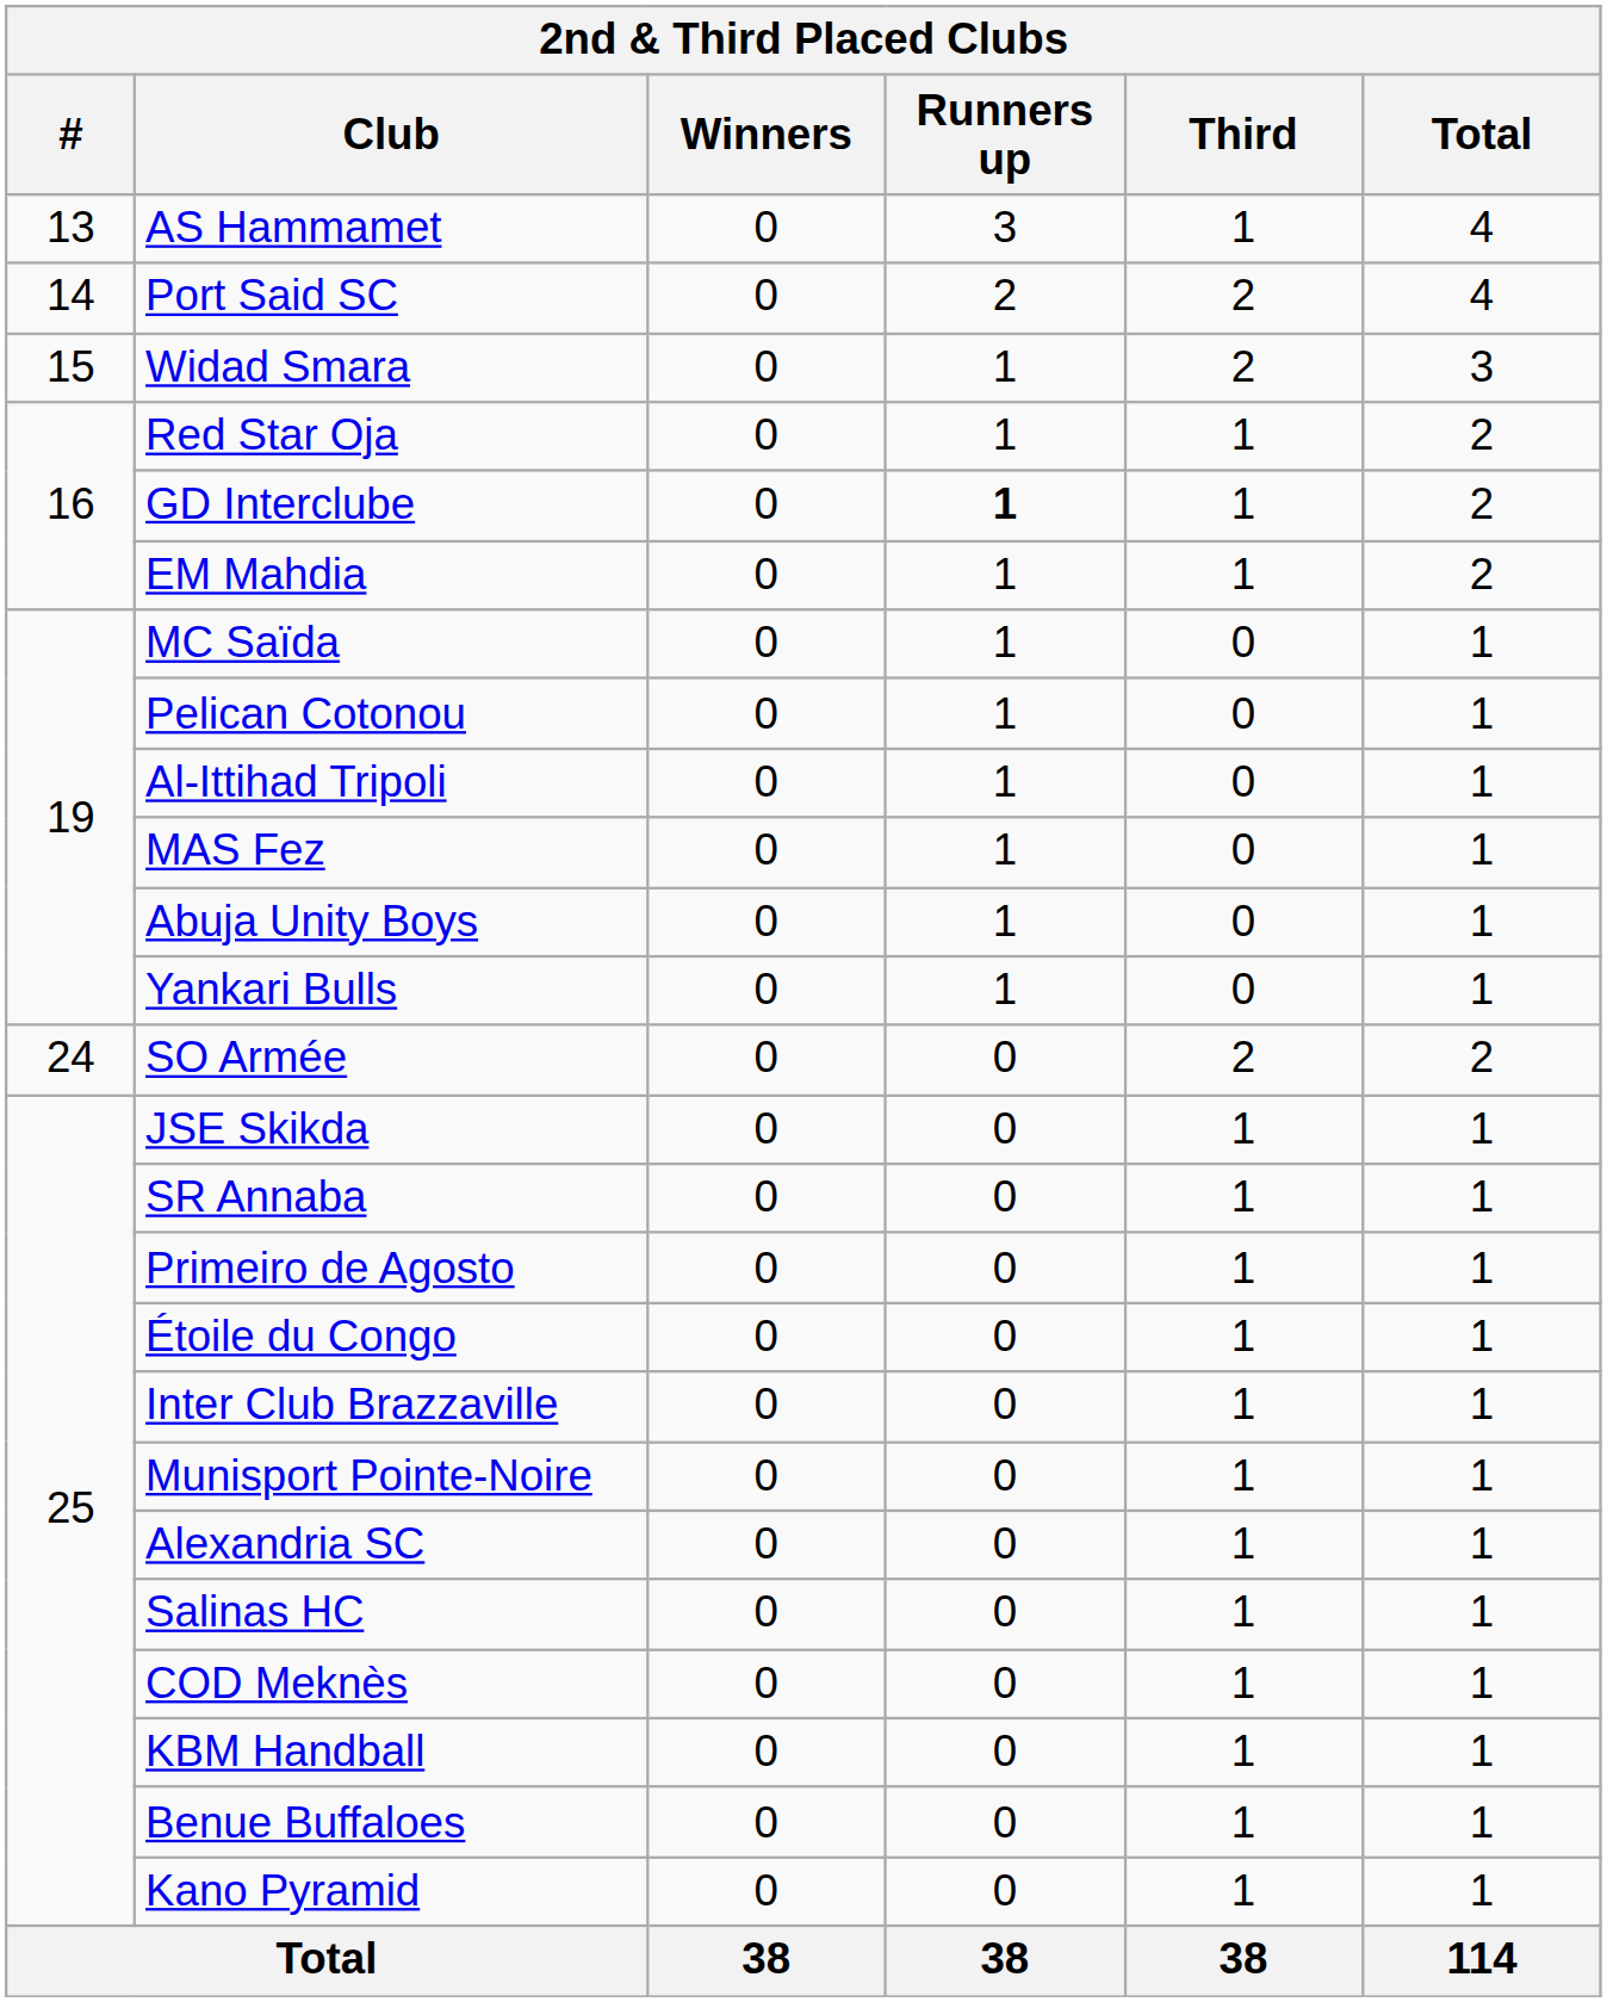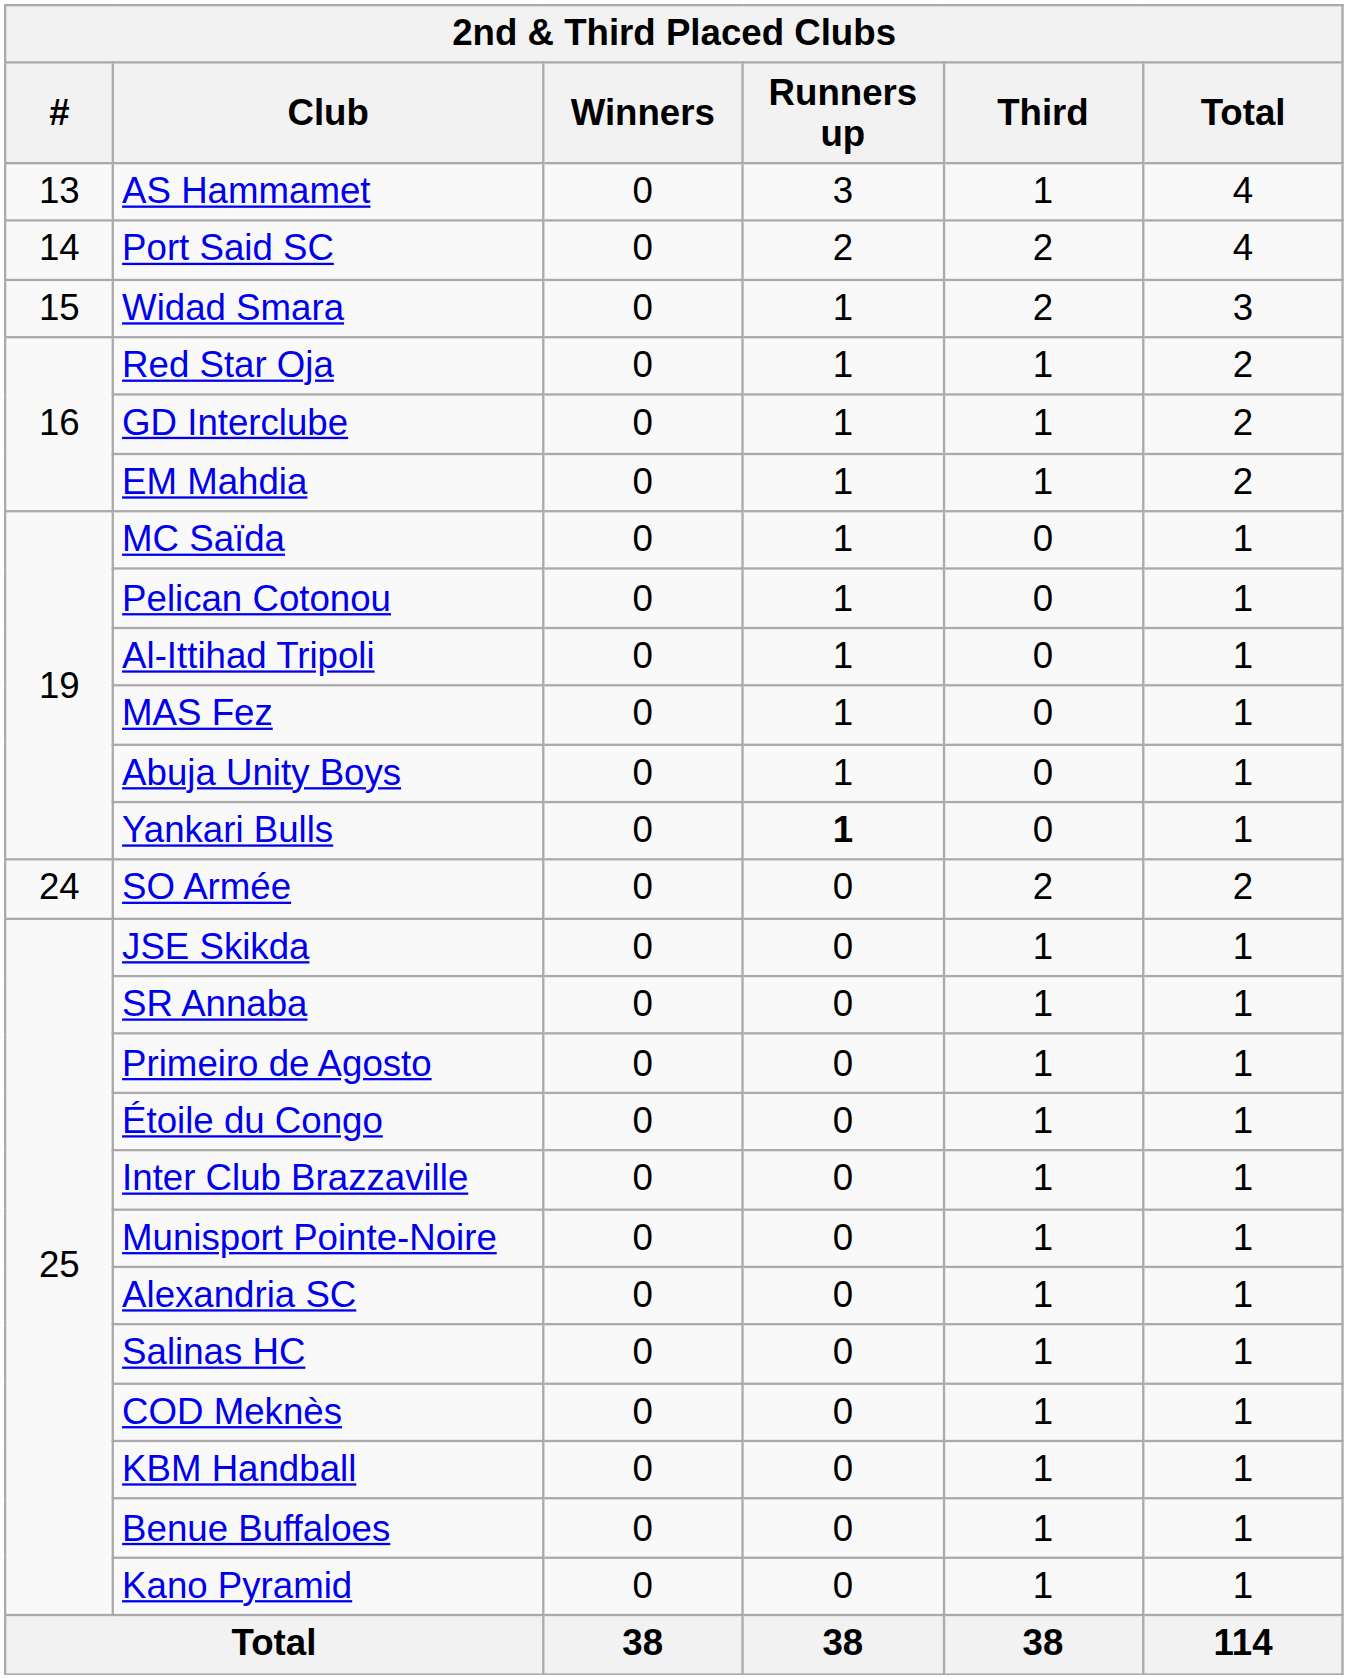 <table class="wikitable collapsible ">
 <tr>
 <th colspan=6>2nd & Third Placed Clubs</th>
 </tr>
 <tr>
 <th width=40>#</th>
 <th width=180>Club</th>
 <th width=80>Winners</th>
 <th width=80>Runners up</th>
 <th width=80>Third</th>
 <th width=80>Total</th>
 </tr>
 <tr>
 <td align=center>13</td>
 <td> <a href='#'>AS Hammamet</a></td>
 <td align=center>0</td>
 <td align=center>3</td>
 <td align=center>1</td>
 <td align=center>4</td>
 </tr>
 <tr>
 <td align=center>14</td>
 <td> <a href='#'>Port Said SC</a></td>
 <td align=center>0</td>
 <td align=center>2</td>
 <td align=center>2</td>
 <td align=center>4</td>
 </tr>
 <tr>
 <td align=center>15</td>
 <td> <a href='#'>Widad Smara</a></td>
 <td align=center>0</td>
 <td align=center>1</td>
 <td align=center>2</td>
 <td align=center>3</td>
 </tr>
 <tr>
 <td rowspan=3 align=center>16</td>
 <td> <a href='#'>Red Star Oja</a></td>
 <td align=center>0</td>
 <td align=center>1</td>
 <td align=center>1</td>
 <td align=center>2</td>
 </tr>
 <tr>
 <td> <a href='#'>GD Interclube</a></td>
 <td align=center>0</td>
-<td align=center><strong>1</strong></td>
+<td align=center>1</td>
 <td align=center>1</td>
 <td align=center>2</td>
 </tr>
 <tr>
 <td> <a href='#'>EM Mahdia</a></td>
 <td align=center>0</td>
 <td align=center>1</td>
 <td align=center>1</td>
 <td align=center>2</td>
 </tr>
 <tr>
 <td rowspan=6 align=center>19</td>
 <td> <a href='#'>MC Saïda</a></td>
 <td align=center>0</td>
 <td align=center>1</td>
 <td align=center>0</td>
 <td align=center>1</td>
 </tr>
 <tr>
 <td> <a href='#'>Pelican Cotonou</a></td>
 <td align=center>0</td>
 <td align=center>1</td>
 <td align=center>0</td>
 <td align=center>1</td>
 </tr>
 <tr>
 <td> <a href='#'>Al-Ittihad Tripoli</a></td>
 <td align=center>0</td>
 <td align=center>1</td>
 <td align=center>0</td>
 <td align=center>1</td>
 </tr>
 <tr>
 <td> <a href='#'>MAS Fez</a></td>
 <td align=center>0</td>
 <td align=center>1</td>
 <td align=center>0</td>
 <td align=center>1</td>
 </tr>
 <tr>
 <td> <a href='#'>Abuja Unity Boys</a></td>
 <td align=center>0</td>
 <td align=center>1</td>
 <td align=center>0</td>
 <td align=center>1</td>
 </tr>
 <tr>
 <td> <a href='#'>Yankari Bulls</a></td>
 <td align=center>0</td>
-<td align=center>1</td>
+<td align=center><strong>1</strong></td>
 <td align=center>0</td>
 <td align=center>1</td>
 </tr>
 <tr>
 <td align=center>24</td>
 <td> <a href='#'>SO Armée</a></td>
 <td align=center>0</td>
 <td align=center>0</td>
 <td align=center>2</td>
 <td align=center>2</td>
 </tr>
 <tr>
 <td rowspan=12 align=center>25</td>
 <td> <a href='#'>JSE Skikda</a></td>
 <td align=center>0</td>
 <td align=center>0</td>
 <td align=center>1</td>
 <td align=center>1</td>
 </tr>
 <tr>
 <td> <a href='#'>SR Annaba</a></td>
 <td align=center>0</td>
 <td align=center>0</td>
 <td align=center>1</td>
 <td align=center>1</td>
 </tr>
 <tr>
 <td> <a href='#'>Primeiro de Agosto</a></td>
 <td align=center>0</td>
 <td align=center>0</td>
 <td align=center>1</td>
 <td align=center>1</td>
 </tr>
 <tr>
 <td> <a href='#'>Étoile du Congo</a></td>
 <td align=center>0</td>
 <td align=center>0</td>
 <td align=center>1</td>
 <td align=center>1</td>
 </tr>
 <tr>
 <td> <a href='#'>Inter Club Brazzaville</a></td>
 <td align=center>0</td>
 <td align=center>0</td>
 <td align=center>1</td>
 <td align=center>1</td>
 </tr>
 <tr>
 <td> <a href='#'>Munisport Pointe-Noire</a></td>
 <td align=center>0</td>
 <td align=center>0</td>
 <td align=center>1</td>
 <td align=center>1</td>
 </tr>
 <tr>
 <td> <a href='#'>Alexandria SC</a></td>
 <td align=center>0</td>
 <td align=center>0</td>
 <td align=center>1</td>
 <td align=center>1</td>
 </tr>
 <tr>
 <td> <a href='#'>Salinas HC</a></td>
 <td align=center>0</td>
 <td align=center>0</td>
 <td align=center>1</td>
 <td align=center>1</td>
 </tr>
 <tr>
 <td> <a href='#'>COD Meknès</a></td>
 <td align=center>0</td>
 <td align=center>0</td>
 <td align=center>1</td>
 <td align=center>1</td>
 </tr>
 <tr>
 <td> <a href='#'>KBM Handball</a></td>
 <td align=center>0</td>
 <td align=center>0</td>
 <td align=center>1</td>
 <td align=center>1</td>
 </tr>
 <tr>
 <td> <a href='#'>Benue Buffaloes</a></td>
 <td align=center>0</td>
 <td align=center>0</td>
 <td align=center>1</td>
 <td align=center>1</td>
 </tr>
 <tr>
 <td> <a href='#'>Kano Pyramid</a></td>
 <td align=center>0</td>
 <td align=center>0</td>
 <td align=center>1</td>
 <td align=center>1</td>
 </tr>
 <tr>
 <th colspan=2>Total</th>
 <th>38</th>
 <th>38</th>
 <th>38</th>
 <th>114</th>
 </tr>
 </table>
